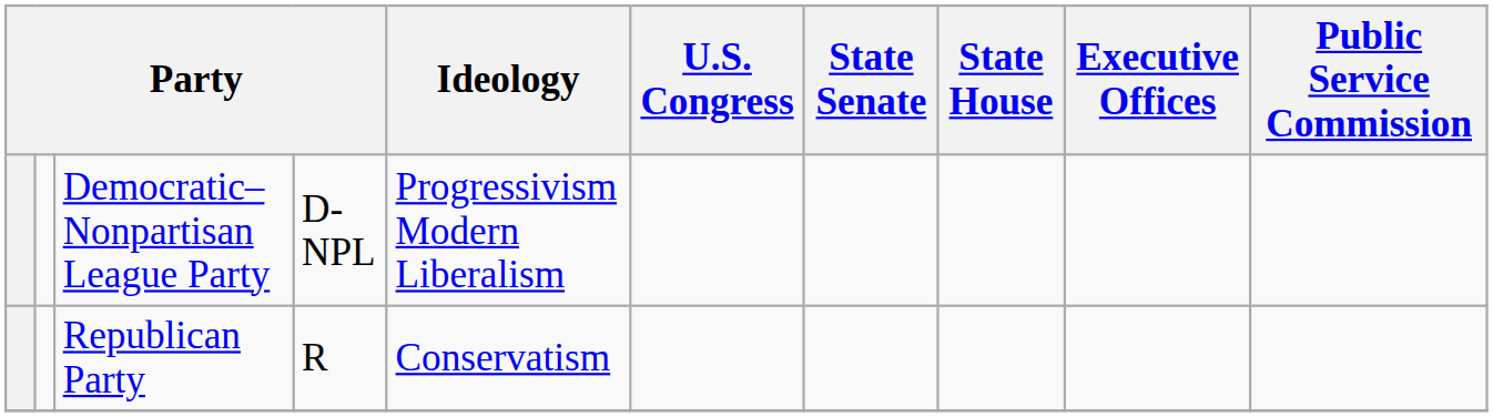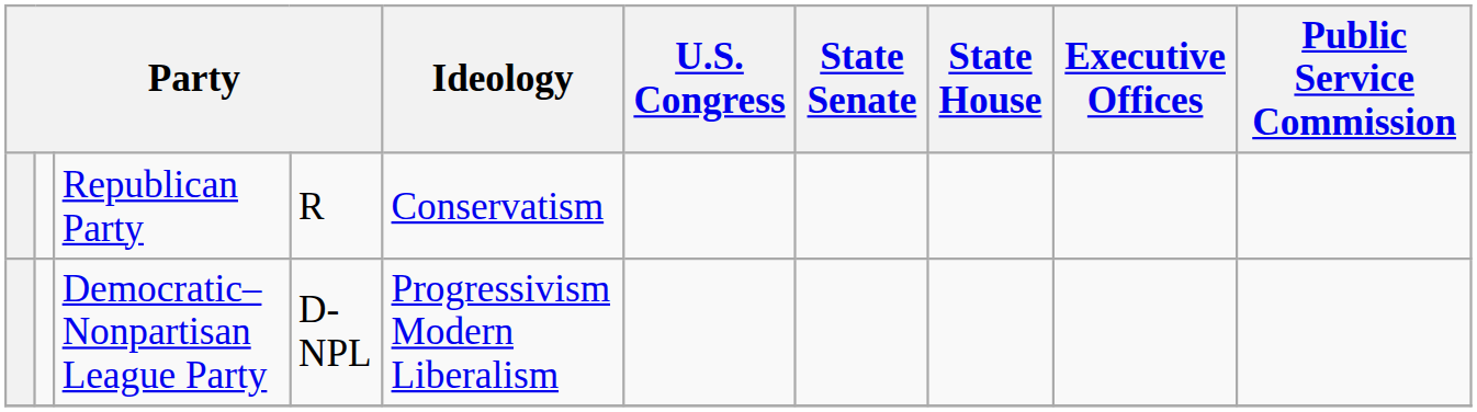 <table class="wikitable sortable">
 <tr>
 <th colspan=4>Party</th>
 <th class=unsortable>Ideology</th>
 <th><a href='#'>U.S. Congress</a></th>
 <th><a href='#'>State Senate</a></th>
 <th><a href='#'>State House</a></th>
 <th><a href='#'>Executive Offices</a></th>
 <th><a href='#'>Public Service Commission</a></th>
+</tr>
+<tr>
+<th style="background-color: "></th>
+<td></td>
+<td><a href='#'>Republican Party</a></td>
+<td>R</td>
+<td><a href='#'>Conservatism</a></td>
+<td></td>
+<td></td>
+<td></td>
+<td></td>
+<td></td>
 </tr>
 <tr>
 <th width=5px style="background-color: "></th>
 <td></td>
 <td><a href='#'>Democratic–Nonpartisan League Party</a></td>
 <td>D-NPL</td>
 <td><a href='#'>Progressivism</a><br><a href='#'>Modern Liberalism</a></td>
 <td></td>
 <td></td>
 <td></td>
 <td></td>
 <td></td>
 </tr>
 <tr>
-<th style="background-color: "></th>
-<td></td>
-<td><a href='#'>Republican Party</a></td>
-<td>R</td>
-<td><a href='#'>Conservatism</a></td>
-<td></td>
-<td></td>
-<td></td>
-<td></td>
-<td></td>
-</tr>
-<tr>
 </tr>
 </table>
